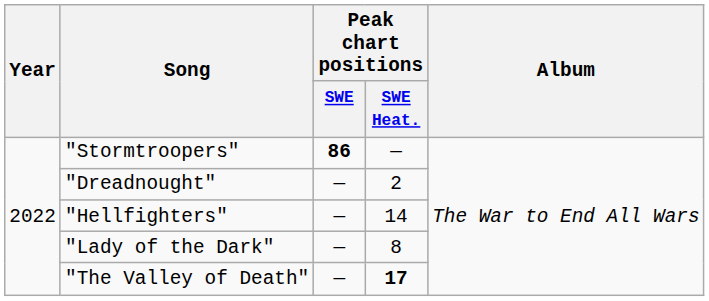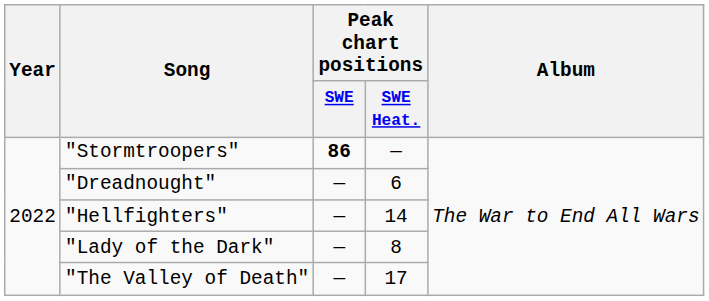 <table class=wikitable style=text-align:center;>
 <tr>
 <th rowspan=2>Year</th>
 <th rowspan=2>Song</th>
 <th colspan=2>Peak chart positions</th>
 <th rowspan=2>Album</th>
 </tr>
 <tr style="vertical-align:top;line-height:1.2">
 <th width=25px><small><a href='#'>SWE</a></small><br></th>
 <th width=25px><small><a href='#'>SWE<br>Heat.</a></small><br></th>
 </tr>
 <tr>
 <td rowspan="5">2022</td>
 <td align=left>"Stormtroopers"</td>
 <td><strong>86</strong></td>
 <td>—</td>
 <td rowspan="5"><em>The War to End All Wars</em></td>
 </tr>
 <tr>
 <td align=left>"Dreadnought"</td>
 <td>—</td>
-<td>2</td>
+<td>6</td>
 </tr>
 <tr>
 <td align=left>"Hellfighters"</td>
 <td>—</td>
 <td>14</td>
 </tr>
 <tr>
 <td align=left>"Lady of the Dark"</td>
 <td>—</td>
 <td>8</td>
 </tr>
 <tr>
 <td align=left>"The Valley of Death"</td>
 <td>—</td>
-<td><strong>17</strong></td>
+<td>17</td>
 </tr>
 </table>
